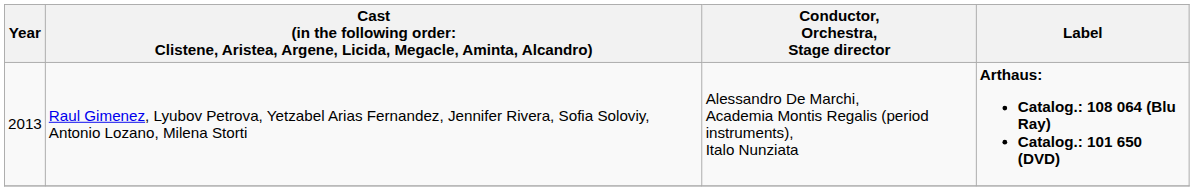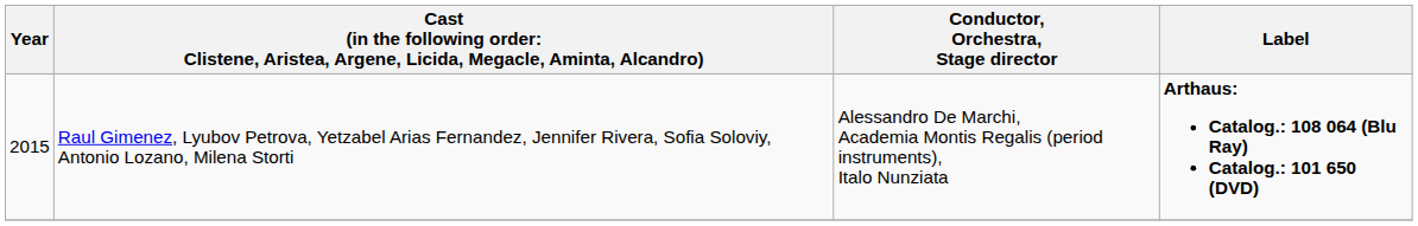 <table class="wikitable">
 <tr>
 <th>Year</th>
 <th>Cast<br>(in the following order:<br>Clistene, Aristea, Argene, Licida, Megacle, Aminta, Alcandro)</th>
 <th>Conductor,<br>Orchestra,<br>Stage director</th>
 <th>Label</th>
 </tr>
 <tr Jes>
-<td>2013</td>
+<td>2015</td>
 <td><a href='#'>Raul Gimenez</a>, Lyubov Petrova, Yetzabel Arias Fernandez, Jennifer Rivera, Sofia Soloviy, Antonio Lozano, Milena Storti</td>
 <td>Alessandro De Marchi,<br>Academia Montis Regalis (period instruments),<br>Italo Nunziata</td>
 <td><strong>Arthaus:<br><ul><li>Catalog.: 108 064 (Blu Ray)</li><li>Catalog.: 101 650 (DVD)</li></ul></strong></td>
 </tr>
 <tr>
 </tr>
 </table>
